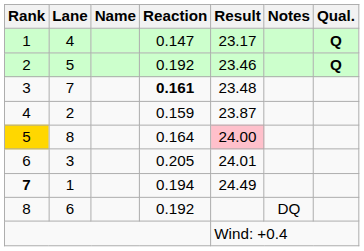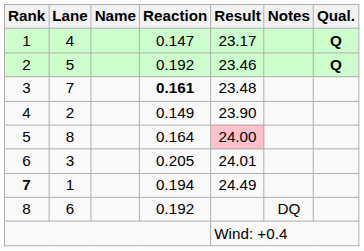 <table class="wikitable sortable" style="text-align:center">
 <tr>
 <th>Rank</th>
 <th>Lane</th>
 <th>Name</th>
 <th>Reaction</th>
 <th>Result</th>
 <th>Notes</th>
 <th>Qual.</th>
 </tr>
 <tr bgcolor=ccffcc>
 <td>1</td>
 <td>4</td>
 <td align="left"></td>
 <td>0.147</td>
 <td>23.17</td>
 <td></td>
 <td><strong>Q</strong></td>
 </tr>
 <tr bgcolor=ccffcc>
 <td>2</td>
 <td>5</td>
 <td align="left"></td>
 <td>0.192</td>
 <td>23.46</td>
 <td></td>
 <td><strong>Q</strong></td>
 </tr>
 <tr>
 <td>3</td>
 <td>7</td>
 <td align="left"></td>
 <td><strong>0.161</strong></td>
 <td>23.48</td>
 <td></td>
 <td></td>
 </tr>
 <tr>
 <td>4</td>
 <td>2</td>
 <td align="left"></td>
-<td>0.159</td>
-<td>23.87</td>
+<td>0.149</td>
+<td>23.90</td>
 <td></td>
 <td></td>
 </tr>
 <tr>
-<td style="background: gold;">5</td>
+<td>5</td>
 <td>8</td>
 <td align="left"></td>
 <td>0.164</td>
 <td style="background: pink;">24.00</td>
 <td></td>
 <td></td>
 </tr>
 <tr>
 <td>6</td>
 <td>3</td>
 <td align="left"></td>
 <td>0.205</td>
 <td>24.01</td>
 <td></td>
 <td></td>
 </tr>
 <tr>
 <td><strong>7</strong></td>
 <td>1</td>
 <td align="left"></td>
 <td>0.194</td>
 <td>24.49</td>
 <td></td>
 <td></td>
 </tr>
 <tr>
 <td>8</td>
 <td>6</td>
 <td align="left"></td>
 <td>0.192</td>
 <td></td>
 <td>DQ</td>
 <td></td>
 </tr>
 <tr class="sortbottom">
 <td colspan=4></td>
 <td colspan="3" style="text-align:left;">Wind: +0.4</td>
 </tr>
 </table>
